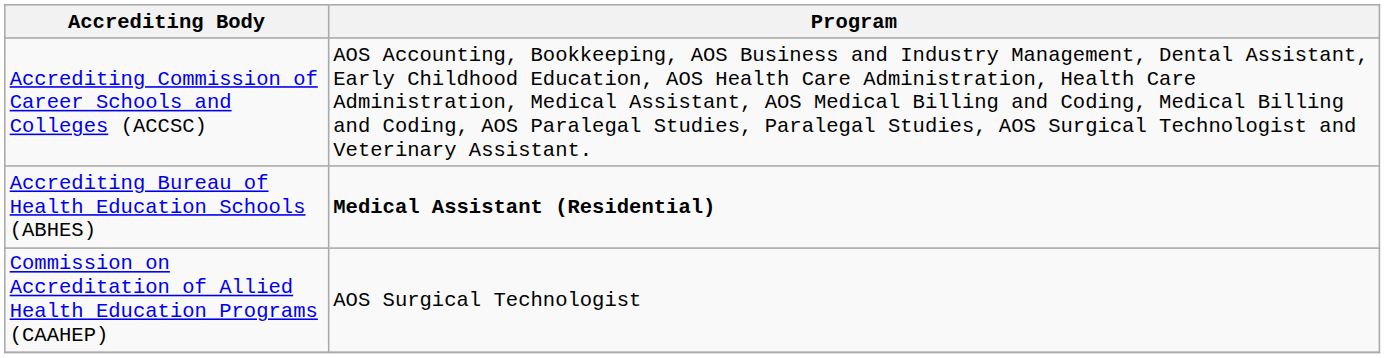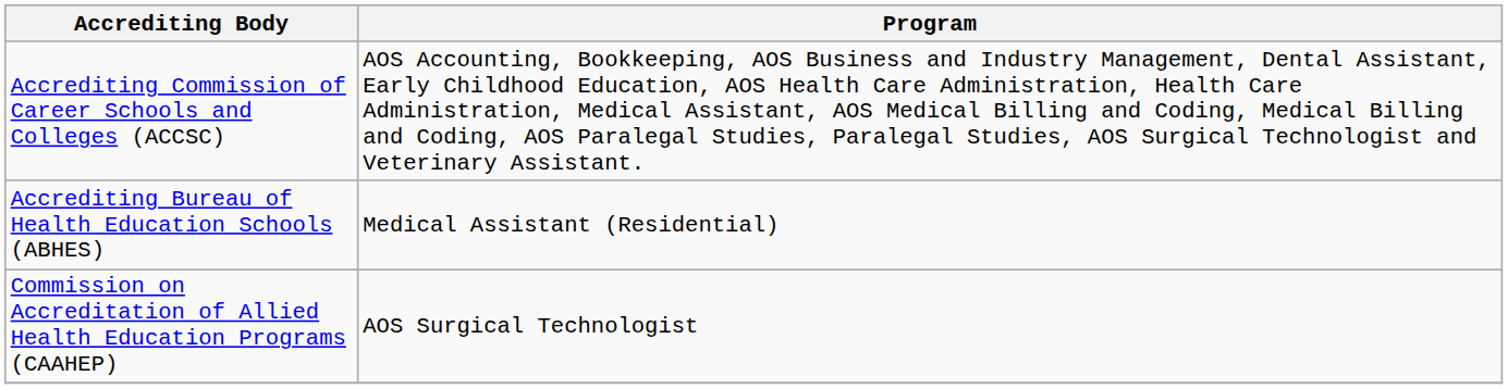 <table class="wikitable">
 <tr>
 <th>Accrediting Body</th>
 <th>Program</th>
 </tr>
 <tr>
 <td><a href='#'>Accrediting Commission of Career Schools and Colleges</a> (ACCSC)</td>
 <td>AOS Accounting, Bookkeeping, AOS Business and Industry Management, Dental Assistant, Early Childhood Education, AOS Health Care Administration, Health Care Administration, Medical Assistant, AOS Medical Billing and Coding, Medical Billing and Coding, AOS Paralegal Studies, Paralegal Studies, AOS Surgical Technologist and Veterinary Assistant.</td>
 </tr>
 <tr>
 <td><a href='#'>Accrediting Bureau of Health Education Schools</a> (ABHES)</td>
-<td><strong>Medical Assistant (Residential)</strong></td>
+<td>Medical Assistant (Residential)</td>
 </tr>
 <tr>
 <td><a href='#'>Commission on Accreditation of Allied Health Education Programs</a> (CAAHEP)</td>
 <td>AOS Surgical Technologist</td>
 </tr>
 <tr>
 </tr>
 </table>
